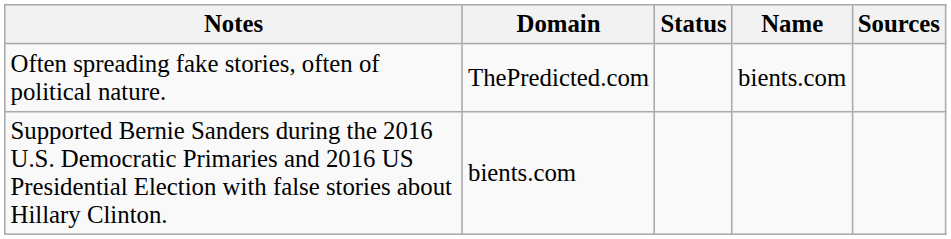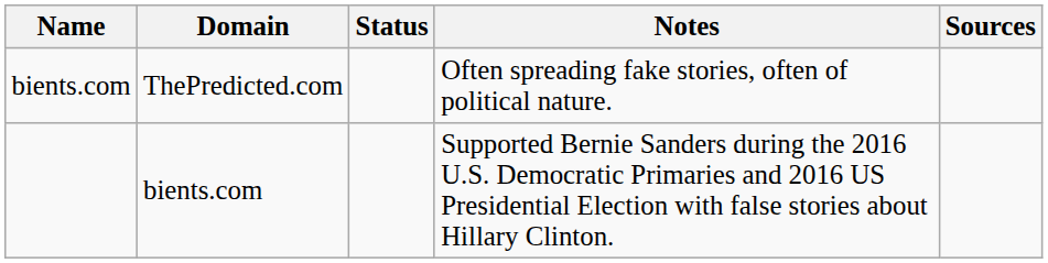 <table class="wikitable sortable mw-collapsible">
 <tr>
-<th class="sortable">Notes</th>
+<th>Name</th>
 <th>Domain</th>
 <th>Status</th>
-<th>Name</th>
+<th class="sortable">Notes</th>
 <th class="unsortable">Sources</th>
 </tr>
 <tr>
+<td>bients.com</td>
+<td>ThePredicted.com</td>
+<td></td>
 <td>Often spreading fake stories, often of political nature.</td>
-<td>ThePredicted.com</td>
+<td></td>
+</tr>
+<tr>
 <td></td>
 <td>bients.com</td>
 <td></td>
-</tr>
-<tr>
 <td>Supported Bernie Sanders during the 2016 U.S. Democratic Primaries and 2016 US Presidential Election with false stories about Hillary Clinton.</td>
-<td>bients.com</td>
-<td></td>
-<td></td>
 <td></td>
 </tr>
 </table>
